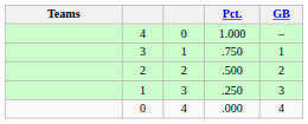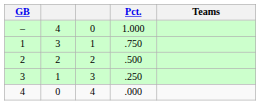 <table class="wikitable" width="400" style="text-align:center;">
 <tr>
-<th width="20%">Teams</th>
+<th width="7%"><a href='#'>GB</a></th>
 <th width="7%"></th>
 <th width="7%"></th>
 <th width="8%"><a href='#'>Pct.</a></th>
-<th width="7%"><a href='#'>GB</a></th>
+<th width="20%">Teams</th>
 </tr>
 <tr style="background-color:#cfc">
-<td align=left></td>
+<td>–</td>
 <td>4</td>
 <td>0</td>
 <td>1.000</td>
-<td>–</td>
+<td align=left></td>
 </tr>
 <tr style="background-color:#cfc">
-<td align=left></td>
+<td>1</td>
 <td>3</td>
 <td>1</td>
 <td>.750</td>
-<td>1</td>
+<td align=left></td>
 </tr>
 <tr style="background-color:#cfc">
-<td align=left></td>
+<td>2</td>
 <td>2</td>
 <td>2</td>
 <td>.500</td>
-<td>2</td>
+<td align=left></td>
 </tr>
 <tr style="background-color:#cfc">
-<td align=left></td>
+<td>3</td>
 <td>1</td>
 <td>3</td>
 <td>.250</td>
-<td>3</td>
+<td align=left></td>
 </tr>
 <tr>
-<td align=left></td>
+<td>4</td>
 <td>0</td>
 <td>4</td>
 <td>.000</td>
-<td>4</td>
+<td align=left></td>
 </tr>
 </table>
